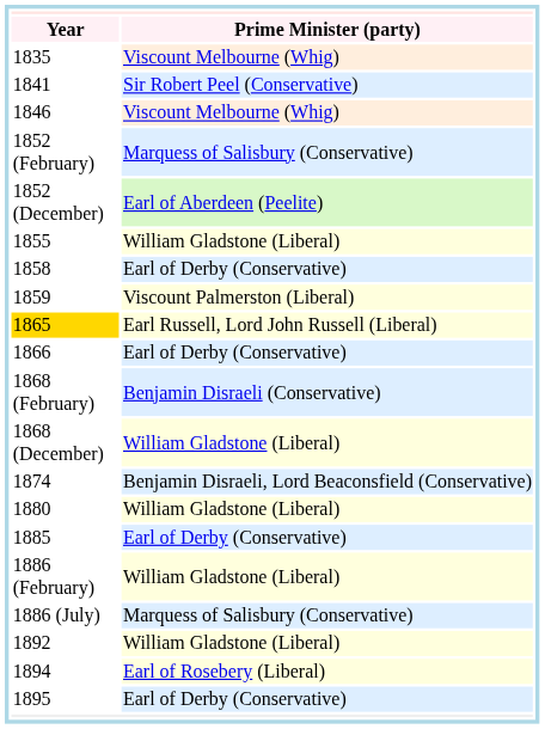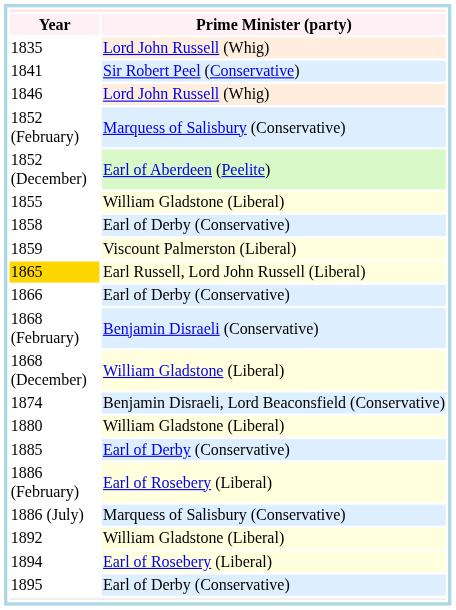 <table class="toc"  style="float:left; border:3px solid lightblue; font-size:90%;margin-right:10px; clear:left;">
 <tr>
 <td colspan="2"  style="text-align:center; background:mistyrose"></td>
 </tr>
 <tr style="background:lavenderblush;">
 <th scope="col" style="width:5.5em;">Year</th>
 <th scope="col">Prime Minister (party)</th>
 </tr>
 <tr>
 <td>1835</td>
-<td style="background:#fed;"><a href='#'>Viscount Melbourne</a> (<a href='#'>Whig</a>)</td>
+<td style="background:#fed;"><a href='#'>Lord John Russell</a> (Whig)</td>
 </tr>
 <tr>
 <td>1841</td>
 <td style="background:#def;"><a href='#'>Sir Robert Peel</a> (<a href='#'>Conservative</a>)</td>
 </tr>
 <tr>
 <td>1846</td>
-<td style="background:#fed;"><a href='#'>Viscount Melbourne</a> (<a href='#'>Whig</a>)</td>
+<td style="background:#fed;"><a href='#'>Lord John Russell</a> (Whig)</td>
 </tr>
 <tr>
 <td>1852 (February)</td>
 <td style="background:#def;"><a href='#'>Marquess of Salisbury</a> (Conservative)</td>
 </tr>
 <tr>
 <td>1852 (December)</td>
 <td style="background:#D8F8C8;"><a href='#'>Earl of Aberdeen</a> (<a href='#'>Peelite</a>)</td>
 </tr>
 <tr>
 <td>1855</td>
 <td style="background:#ffd;">William Gladstone (Liberal)</td>
 </tr>
 <tr>
 <td>1858</td>
 <td style="background:#def;">Earl of Derby (Conservative)</td>
 </tr>
 <tr>
 <td>1859</td>
 <td style="background:#ffd;">Viscount Palmerston (Liberal)</td>
 </tr>
 <tr>
 <td style="background: gold;">1865</td>
 <td style="background:#ffd;">Earl Russell, Lord John Russell (Liberal)</td>
 </tr>
 <tr>
 <td>1866</td>
 <td style="background:#def;">Earl of Derby (Conservative)</td>
 </tr>
 <tr>
 <td>1868 (February)</td>
 <td style="background:#def;"><a href='#'>Benjamin Disraeli</a> (Conservative)</td>
 </tr>
 <tr>
 <td>1868 (December)</td>
 <td style="background:#ffd;"><a href='#'>William Gladstone</a> (Liberal)</td>
 </tr>
 <tr>
 <td>1874</td>
 <td style="background:#def;">Benjamin Disraeli, Lord Beaconsfield (Conservative)</td>
 </tr>
 <tr>
 <td>1880</td>
 <td style="background:#ffd;">William Gladstone (Liberal)</td>
 </tr>
 <tr>
 <td>1885</td>
 <td style="background:#def;"><a href='#'>Earl of Derby</a> (Conservative)</td>
 </tr>
 <tr>
 <td>1886 (February)</td>
-<td style="background:#ffd;">William Gladstone (Liberal)</td>
+<td style="background:#ffd;"><a href='#'>Earl of Rosebery</a> (Liberal)</td>
 </tr>
 <tr>
 <td>1886 (July)</td>
 <td style="background:#def;">Marquess of Salisbury (Conservative)</td>
 </tr>
 <tr>
 <td>1892</td>
 <td style="background:#ffd;">William Gladstone (Liberal)</td>
 </tr>
 <tr>
 <td>1894</td>
 <td style="background:#ffd;"><a href='#'>Earl of Rosebery</a> (Liberal)</td>
 </tr>
 <tr>
 <td>1895</td>
 <td style="background:#def;">Earl of Derby (Conservative)</td>
 </tr>
 <tr style="background:#efefef;">
 <td colspan="2"></td>
 </tr>
 </table>
